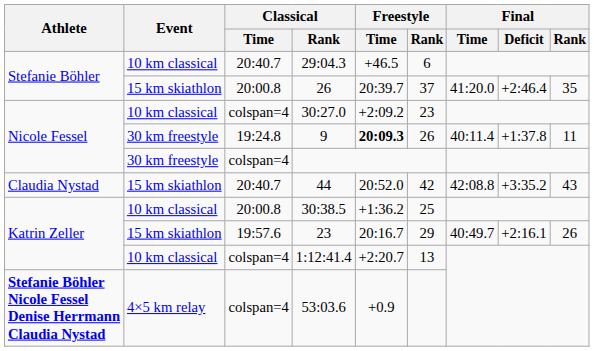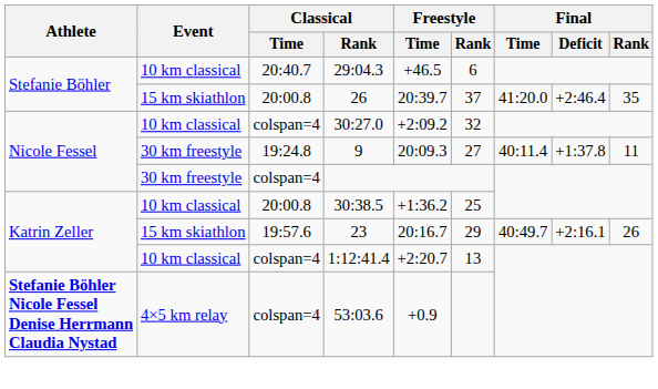 <table class="wikitable" style="font-size:90%">
 <tr>
 <th rowspan=2>Athlete</th>
 <th rowspan=2>Event</th>
 <th colspan=2>Classical</th>
 <th colspan=2>Freestyle</th>
 <th colspan=3>Final</th>
 </tr>
 <tr style="font-size: 95%">
 <th>Time</th>
 <th>Rank</th>
 <th>Time</th>
 <th>Rank</th>
 <th>Time</th>
 <th>Deficit</th>
 <th>Rank</th>
 </tr>
 <tr align=center>
 <td align=left rowspan=2><a href='#'>Stefanie Böhler</a></td>
 <td align=left><a href='#'>10 km classical</a></td>
 <td>20:40.7</td>
 <td>29:04.3</td>
 <td>+46.5</td>
 <td>6</td>
 </tr>
 <tr align=center>
 <td align=left><a href='#'>15 km skiathlon</a></td>
 <td>20:00.8</td>
 <td>26</td>
 <td>20:39.7</td>
 <td>37</td>
 <td>41:20.0</td>
 <td>+2:46.4</td>
 <td>35</td>
 </tr>
 <tr align=center>
 <td align=left rowspan=3><a href='#'>Nicole Fessel</a></td>
 <td align=left><a href='#'>10 km classical</a></td>
 <td>colspan=4 </td>
 <td>30:27.0</td>
 <td>+2:09.2</td>
-<td>23</td>
+<td>32</td>
 </tr>
 <tr align=center>
 <td align=left><a href='#'>30 km freestyle</a></td>
 <td>19:24.8</td>
 <td>9</td>
-<td><strong>20:09.3</strong></td>
-<td>26</td>
+<td>20:09.3</td>
+<td>27</td>
 <td>40:11.4</td>
 <td>+1:37.8</td>
 <td>11</td>
 </tr>
 <tr align=center>
 <td align=left><a href='#'>30 km freestyle</a></td>
 <td>colspan=4 </td>
 <td colspan=3></td>
-</tr>
-<tr align=center>
-<td align=left><a href='#'>Claudia Nystad</a></td>
-<td align=left><a href='#'>15 km skiathlon</a></td>
-<td>20:40.7</td>
-<td>44</td>
-<td>20:52.0</td>
-<td>42</td>
-<td>42:08.8</td>
-<td>+3:35.2</td>
-<td>43</td>
 </tr>
 <tr align=center>
 <td align=left rowspan=3><a href='#'>Katrin Zeller</a></td>
 <td align=left><a href='#'>10 km classical</a></td>
 <td>20:00.8</td>
 <td>30:38.5</td>
 <td>+1:36.2</td>
 <td>25</td>
 </tr>
 <tr align=center>
 <td align=left><a href='#'>15 km skiathlon</a></td>
 <td>19:57.6</td>
 <td>23</td>
 <td>20:16.7</td>
 <td>29</td>
 <td>40:49.7</td>
 <td>+2:16.1</td>
 <td>26</td>
 </tr>
 <tr align=center>
 <td align=left><a href='#'>10 km classical</a></td>
 <td>colspan=4 </td>
 <td>1:12:41.4</td>
 <td>+2:20.7</td>
 <td>13</td>
 </tr>
 <tr align=center>
 <td align=left><strong><a href='#'>Stefanie Böhler</a><br><a href='#'>Nicole Fessel</a><br><a href='#'>Denise Herrmann</a><br><a href='#'>Claudia Nystad</a></strong></td>
 <td align=left><a href='#'>4×5 km relay</a></td>
 <td>colspan=4 </td>
 <td>53:03.6</td>
 <td>+0.9</td>
 <td></td>
 </tr>
 </table>
